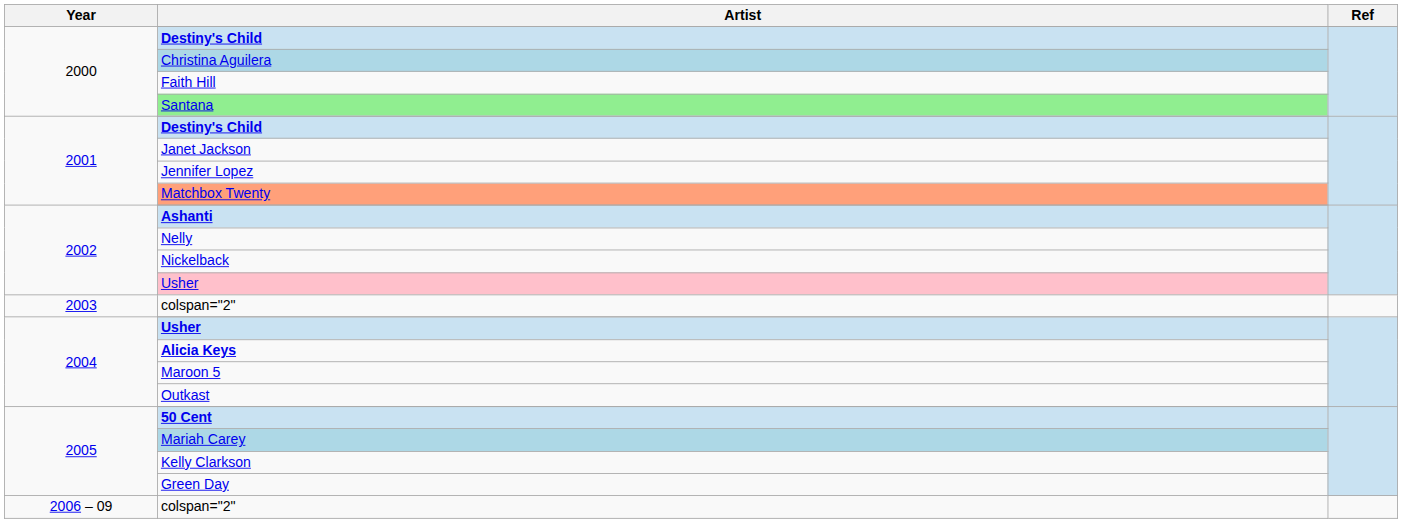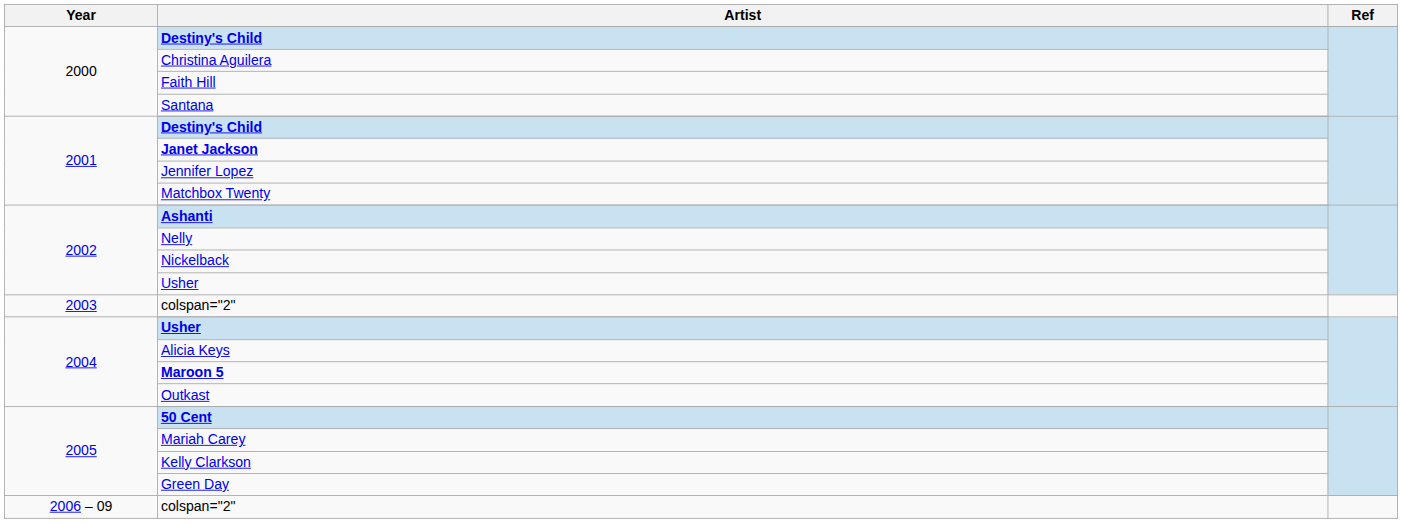 <table class="wikitable" style="width:100%;">
 <tr style="background:#bebebe;">
 <th style="width:11%;">Year</th>
 <th style="width:84%;">Artist</th>
 <th style="width:5%;">Ref</th>
 </tr>
 <tr>
 <td rowspan="5" align="center">2000</td>
 </tr>
 <tr style="background:#c9e2f2">
 <td><strong><a href='#'>Destiny's Child</a></strong></td>
 <td rowspan="5" align="center"></td>
 </tr>
 <tr>
-<td style="background: lightblue;"><a href='#'>Christina Aguilera</a></td>
+<td><a href='#'>Christina Aguilera</a></td>
 </tr>
 <tr>
 <td><a href='#'>Faith Hill</a></td>
 </tr>
 <tr>
-<td style="background: lightgreen;"><a href='#'>Santana</a></td>
+<td><a href='#'>Santana</a></td>
 </tr>
 <tr>
 <td rowspan="5" align="center"><a href='#'>2001</a></td>
 </tr>
 <tr style="background:#c9e2f2">
 <td><strong><a href='#'>Destiny's Child</a></strong></td>
 <td rowspan="5" align="center"></td>
 </tr>
 <tr>
-<td><a href='#'>Janet Jackson</a></td>
+<td><strong><a href='#'>Janet Jackson</a></strong></td>
 </tr>
 <tr>
 <td><a href='#'>Jennifer Lopez</a></td>
 </tr>
 <tr>
-<td style="background: lightsalmon;"><a href='#'>Matchbox Twenty</a></td>
+<td><a href='#'>Matchbox Twenty</a></td>
 </tr>
 <tr>
 <td rowspan="5" align="center"><a href='#'>2002</a></td>
 </tr>
 <tr style="background:#c9e2f2">
 <td><strong><a href='#'>Ashanti</a></strong></td>
 <td rowspan="4" align="center"></td>
 </tr>
 <tr>
 <td><a href='#'>Nelly</a></td>
 </tr>
 <tr>
 <td><a href='#'>Nickelback</a></td>
 </tr>
 <tr>
-<td style="background: pink;"><a href='#'>Usher</a></td>
+<td><a href='#'>Usher</a></td>
 </tr>
 <tr>
 <td align="center"><a href='#'>2003</a></td>
 <td>colspan="2" </td>
 </tr>
 <tr>
 <td rowspan="5" align="center"><a href='#'>2004</a></td>
 </tr>
 <tr style="background:#c9e2f2">
 <td><strong><a href='#'>Usher</a></strong></td>
 <td rowspan="5" align="center"></td>
 </tr>
 <tr>
-<td><strong><a href='#'>Alicia Keys</a></strong></td>
+<td><a href='#'>Alicia Keys</a></td>
 </tr>
 <tr>
-<td><a href='#'>Maroon 5</a></td>
+<td><strong><a href='#'>Maroon 5</a></strong></td>
 </tr>
 <tr>
 <td><a href='#'>Outkast</a></td>
 </tr>
 <tr>
 <td rowspan="5" align="center"><a href='#'>2005</a></td>
 </tr>
 <tr style="background:#c9e2f2">
 <td><strong><a href='#'>50 Cent</a></strong></td>
 <td rowspan="4" align="center"></td>
 </tr>
 <tr>
-<td style="background: lightblue;"><a href='#'>Mariah Carey</a></td>
+<td><a href='#'>Mariah Carey</a></td>
 </tr>
 <tr>
 <td><a href='#'>Kelly Clarkson</a></td>
 </tr>
 <tr>
 <td><a href='#'>Green Day</a></td>
 </tr>
 <tr>
 <td align="center"><a href='#'>2006</a> – 09</td>
 <td>colspan="2" </td>
 </tr>
 </table>
